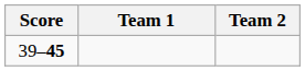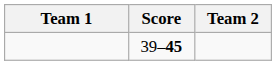 <table class="wikitable" style="text-align: center; font-size:90% ">
 <tr>
+<th align="right" width="100">Team 1</th>
 <th width="50">Score</th>
-<th align="right" width="100">Team 1</th>
 <th align="left" width="60">Team 2</th>
 </tr>
 <tr>
+<td align=right></td>
 <td align=center>39–<strong>45</strong></td>
-<td align=right></td>
 <td align=left><strong></strong></td>
 </tr>
 </table>
